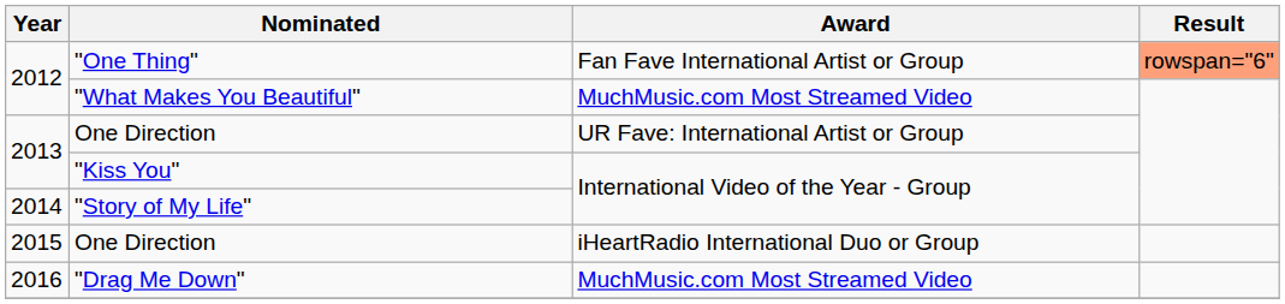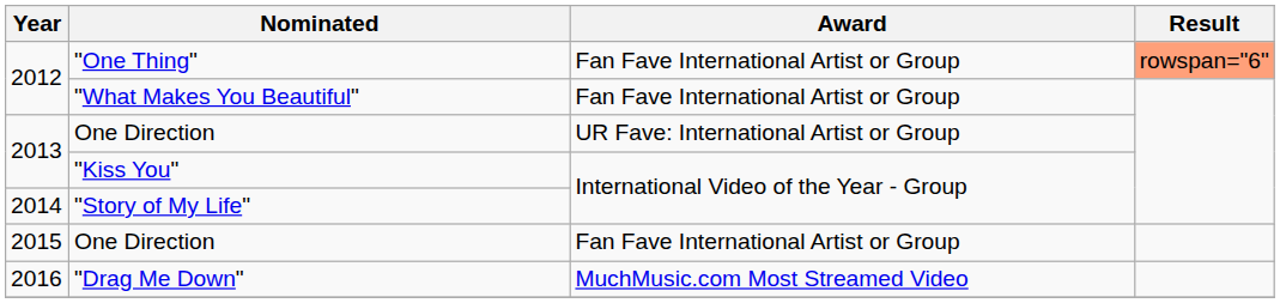 <table class="wikitable" style="width:100%;">
 <tr>
 <th width=5%>Year</th>
 <th style="width:40%;">Nominated</th>
 <th style="width:45%;">Award</th>
 <th style="width:10%;">Result</th>
 </tr>
 <tr>
 <td rowspan="3">2012</td>
 <td>"<a href='#'>One Thing</a>"</td>
 <td>Fan Fave International Artist or Group</td>
 <td style="background: lightsalmon;">rowspan="6" </td>
 </tr>
 <tr>
 <td>"<a href='#'>What Makes You Beautiful</a>"</td>
-<td><a href='#'>MuchMusic.com Most Streamed Video</a></td>
+<td>Fan Fave International Artist or Group</td>
 </tr>
 <tr>
 <td rowspan="2">One Direction</td>
 <td rowspan="2">UR Fave: International Artist or Group</td>
 </tr>
 <tr>
 <td rowspan="2">2013</td>
 </tr>
 <tr>
 <td>"<a href='#'>Kiss You</a>"</td>
 <td rowspan="2">International Video of the Year - Group</td>
 </tr>
 <tr>
 <td>2014</td>
 <td>"<a href='#'>Story of My Life</a>"</td>
 </tr>
 <tr>
 <td>2015</td>
 <td>One Direction</td>
-<td>iHeartRadio International Duo or Group</td>
+<td>Fan Fave International Artist or Group</td>
 <td></td>
 </tr>
 <tr>
 <td>2016</td>
 <td>"<a href='#'>Drag Me Down</a>"</td>
 <td><a href='#'>MuchMusic.com Most Streamed Video</a></td>
 <td></td>
 </tr>
 <tr>
 </tr>
 </table>
